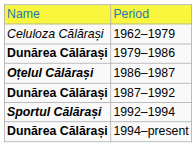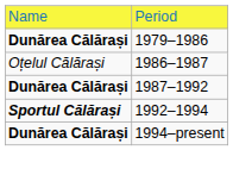 <table class="wikitable" style="text-align: left" align="right">
 <tr>
 <td style="background:#f8f73e;color:#2377b7;">Name</td>
 <td style="background:#f8f73e;color:#2377b7;">Period</td>
 </tr>
 <tr>
-<td align=left><em>Celuloza Călărași</em></td>
-<td>1962–1979</td>
-</tr>
-<tr>
 <td align=left><strong>Dunărea Călărași</strong></td>
 <td>1979–1986</td>
 </tr>
 <tr>
-<td align=left><strong><em>Oțelul Călărași</em></strong></td>
+<td align=left><em>Oțelul Călărași</em></td>
 <td>1986–1987</td>
 </tr>
 <tr>
 <td align=left><strong>Dunărea Călărași</strong></td>
 <td>1987–1992</td>
 </tr>
 <tr>
 <td align=left><strong><em>Sportul Călărași</em></strong></td>
 <td>1992–1994</td>
 </tr>
 <tr>
 <td align=left><strong>Dunărea Călărași</strong></td>
 <td>1994–present</td>
 </tr>
 </table>
